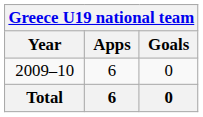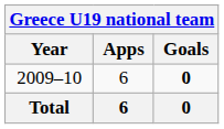 <table class="wikitable" style="text-align:center">
 <tr>
 <th colspan=3><a href='#'>Greece U19 national team</a></th>
 </tr>
 <tr>
 <th>Year</th>
 <th>Apps</th>
 <th>Goals</th>
 </tr>
 <tr>
 <td>2009–10</td>
 <td>6</td>
-<td>0</td>
+<td><strong>0</strong></td>
 </tr>
 <tr>
 <th>Total</th>
 <th>6</th>
 <th>0</th>
 </tr>
 </table>
